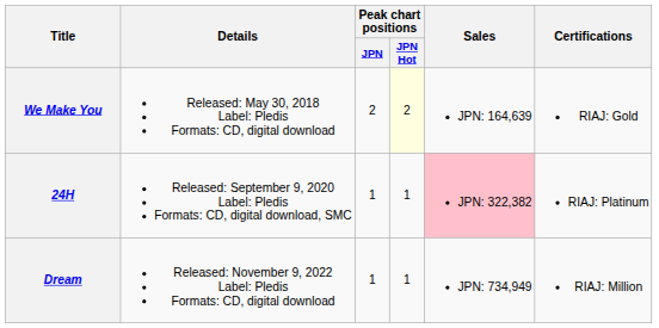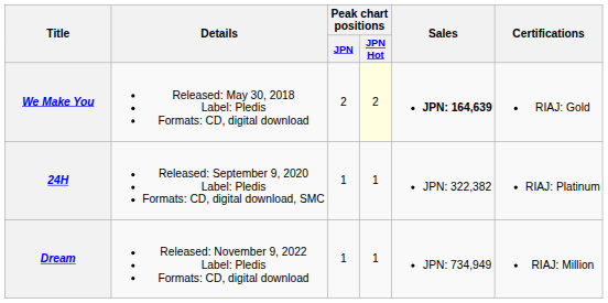 <table class="wikitable plainrowheaders" style="text-align:center">
 <tr>
 <th rowspan="2" scope="col" style="width:9em">Title</th>
 <th rowspan="2" scope="col">Details</th>
 <th colspan="2">Peak chart positions</th>
 <th rowspan="2" scope="col">Sales</th>
 <th rowspan="2" scope="col">Certifications</th>
 </tr>
 <tr>
 <th scope="col" style="width:2.7em;font-size:90%;"><a href='#'>JPN</a><br></th>
 <th scope="col" style="width:2.7em;font-size:90%;"><a href='#'>JPN<br>Hot</a><br></th>
 </tr>
 <tr>
 <th scope="row"><em><a href='#'>We Make You</a></em></th>
 <td><br><ul><li>Released: May 30, 2018</li><li>Label: Pledis</li><li>Formats: CD, digital download</li></ul></td>
 <td>2</td>
 <td style="background: lightyellow;">2</td>
-<td><br><ul><li>JPN: 164,639</li></ul></td>
+<td><strong><br><ul><li>JPN: 164,639</li></ul></strong></td>
 <td><br><ul><li>RIAJ: Gold</li></ul></td>
 </tr>
 <tr>
 <th scope="row"><em><a href='#'>24H</a></em></th>
 <td><br><ul><li>Released: September 9, 2020</li><li>Label: Pledis</li><li>Formats: CD, digital download, SMC</li></ul></td>
 <td>1</td>
 <td>1</td>
-<td style="background: pink;"><br><ul><li>JPN: 322,382</li></ul></td>
+<td><br><ul><li>JPN: 322,382</li></ul></td>
 <td><br><ul><li>RIAJ: Platinum</li></ul></td>
 </tr>
 <tr>
 <th scope="row"><em><a href='#'>Dream</a></em></th>
 <td><br><ul><li>Released: November 9, 2022</li><li>Label: Pledis</li><li>Formats: CD, digital download</li></ul></td>
 <td>1</td>
 <td>1</td>
 <td><br><ul><li>JPN: 734,949 </li></ul></td>
 <td><br><ul><li>RIAJ: Million</li></ul></td>
 </tr>
 </table>
